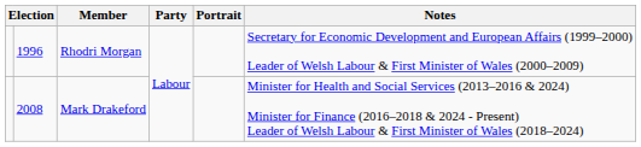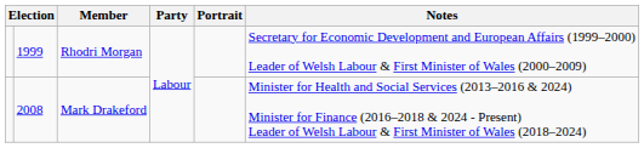 <table class="wikitable">
 <tr>
 <th colspan="2">Election</th>
 <th>Member</th>
 <th>Party</th>
 <th>Portrait</th>
 <th>Notes</th>
 </tr>
 <tr>
 <td style="background-color: "></td>
-<td><a href='#'>1996</a></td>
+<td><a href='#'>1999</a></td>
 <td><a href='#'>Rhodri Morgan</a></td>
 <td rowspan="2"><a href='#'>Labour</a></td>
 <td></td>
 <td><a href='#'>Secretary for Economic Development and European Affairs</a> (1999–2000)<br><br><a href='#'>Leader of Welsh Labour</a> & <a href='#'>First Minister of Wales</a> (2000–2009)</td>
 </tr>
 <tr>
 <td style="background-color: "></td>
 <td><a href='#'>2008</a></td>
 <td><a href='#'>Mark Drakeford</a></td>
 <td></td>
 <td><a href='#'>Minister for Health and Social Services</a> (2013–2016 & 2024)<br><br><a href='#'>Minister for Finance</a> (2016–2018 & 2024 - Present)<br> <a href='#'>Leader of Welsh Labour</a> & <a href='#'>First Minister of Wales</a> (2018–2024)</td>
 </tr>
 </table>
